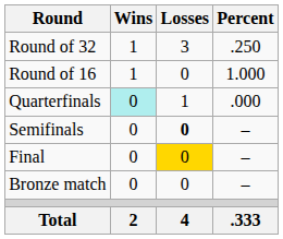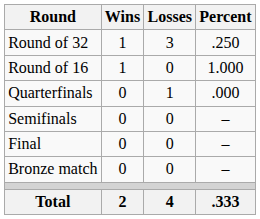 <table class=wikitable>
 <tr>
 <th>Round</th>
 <th>Wins</th>
 <th>Losses</th>
 <th>Percent</th>
 </tr>
 <tr align=center>
 <td align=left>Round of 32</td>
 <td>1</td>
 <td>3</td>
 <td>.250</td>
 </tr>
 <tr align=center>
 <td align=left>Round of 16</td>
 <td>1</td>
 <td>0</td>
 <td>1.000</td>
 </tr>
 <tr align=center>
 <td align=left>Quarterfinals</td>
-<td style="background: paleturquoise;">0</td>
+<td>0</td>
 <td>1</td>
 <td>.000</td>
 </tr>
 <tr align=center>
 <td align=left>Semifinals</td>
 <td>0</td>
-<td><strong>0</strong></td>
+<td>0</td>
 <td>–</td>
 </tr>
 <tr align=center>
 <td align=left>Final</td>
 <td>0</td>
-<td style="background: gold;">0</td>
+<td>0</td>
 <td>–</td>
 </tr>
 <tr align=center>
 <td align=left>Bronze match</td>
 <td>0</td>
 <td>0</td>
 <td>–</td>
 </tr>
 <tr>
 <td colspan=4 bgcolor=lightgray></td>
 </tr>
 <tr>
 <th>Total</th>
 <th>2</th>
 <th>4</th>
 <th>.333</th>
 </tr>
 </table>
